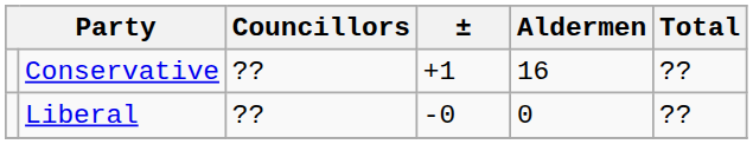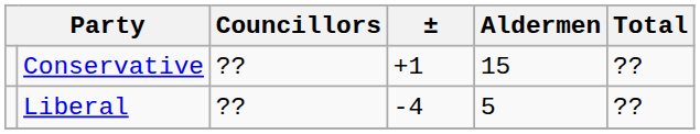 <table class="wikitable">
 <tr>
 <th colspan="2">Party</th>
 <th>Councillors</th>
 <th>  ±  </th>
 <th>Aldermen</th>
 <th>Total</th>
 </tr>
 <tr>
 <td style="background-color: "></td>
 <td><a href='#'>Conservative</a></td>
 <td>??</td>
 <td>+1</td>
-<td>16</td>
+<td>15</td>
 <td>??</td>
 </tr>
 <tr>
 <td style="background-color: "></td>
 <td><a href='#'>Liberal</a></td>
 <td>??</td>
-<td>-0</td>
-<td>0</td>
+<td>-4</td>
+<td>5</td>
 <td>??</td>
 </tr>
 <tr>
 </tr>
 </table>
